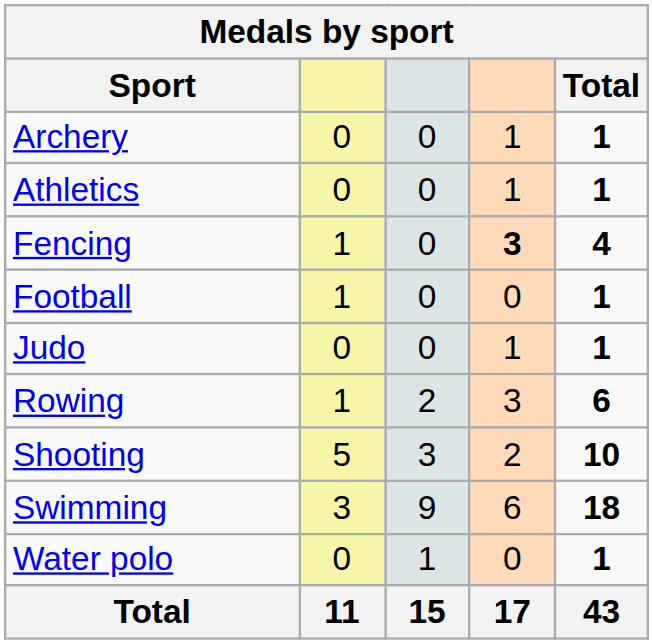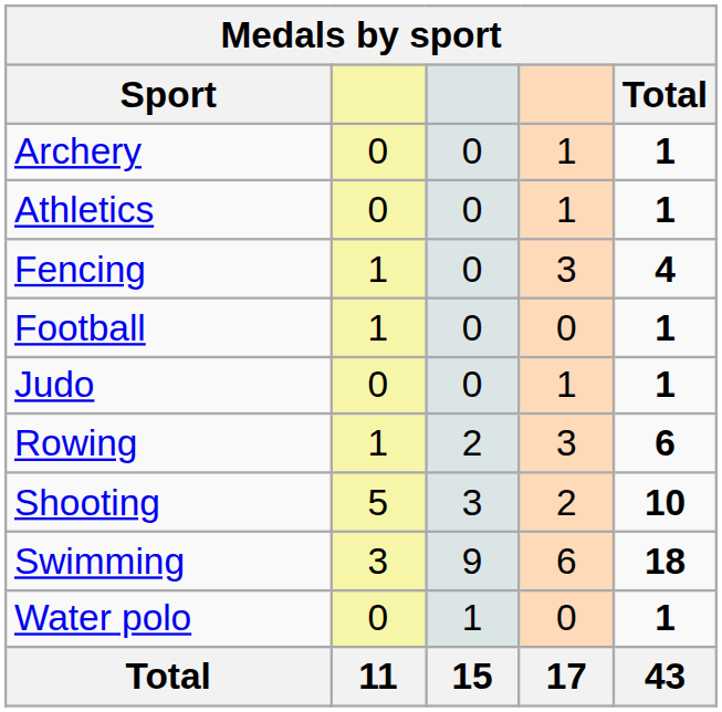 <table class="wikitable" style="font-size:90%; text-align:center;">
 <tr>
 <th colspan=5>Medals by sport</th>
 </tr>
 <tr>
 <th width=120>Sport</th>
 <th scope="col" width=30 style="background:#F7F6A8;"></th>
 <th scope="col" width=30 style="background:#DCE5E5;"></th>
 <th scope="col" width=30 style="background:#FFDAB9;"></th>
 <th width=30>Total</th>
 </tr>
 <tr>
 <td align=left><a href='#'>Archery</a></td>
 <td style="background:#F7F6A8;">0</td>
 <td style="background:#DCE5E5;">0</td>
 <td style="background:#FFDAB9;">1</td>
 <td><strong>1</strong></td>
 </tr>
 <tr>
 <td align=left><a href='#'>Athletics</a></td>
 <td style="background:#F7F6A8;">0</td>
 <td style="background:#DCE5E5;">0</td>
 <td style="background:#FFDAB9;">1</td>
 <td><strong>1</strong></td>
 </tr>
 <tr>
 <td align=left><a href='#'>Fencing</a></td>
 <td style="background:#F7F6A8;">1</td>
 <td style="background:#DCE5E5;">0</td>
-<td style="background:#FFDAB9;"><strong>3</strong></td>
+<td style="background:#FFDAB9;">3</td>
 <td><strong>4</strong></td>
 </tr>
 <tr>
 <td align=left><a href='#'>Football</a></td>
 <td style="background:#F7F6A8;">1</td>
 <td style="background:#DCE5E5;">0</td>
 <td style="background:#FFDAB9;">0</td>
 <td><strong>1</strong></td>
 </tr>
 <tr>
 <td align=left><a href='#'>Judo</a></td>
 <td style="background:#F7F6A8;">0</td>
 <td style="background:#DCE5E5;">0</td>
 <td style="background:#FFDAB9;">1</td>
 <td><strong>1</strong></td>
 </tr>
 <tr>
 <td align=left><a href='#'>Rowing</a></td>
 <td style="background:#F7F6A8;">1</td>
 <td style="background:#DCE5E5;">2</td>
 <td style="background:#FFDAB9;">3</td>
 <td><strong>6</strong></td>
 </tr>
 <tr>
 <td align=left><a href='#'>Shooting</a></td>
 <td style="background:#F7F6A8;">5</td>
 <td style="background:#DCE5E5;">3</td>
 <td style="background:#FFDAB9;">2</td>
 <td><strong>10</strong></td>
 </tr>
 <tr>
 <td align=left><a href='#'>Swimming</a></td>
 <td style="background:#F7F6A8;">3</td>
 <td style="background:#DCE5E5;">9</td>
 <td style="background:#FFDAB9;">6</td>
 <td><strong>18</strong></td>
 </tr>
 <tr>
 <td align=left><a href='#'>Water polo</a></td>
 <td style="background:#F7F6A8;">0</td>
 <td style="background:#DCE5E5;">1</td>
 <td style="background:#FFDAB9;">0</td>
 <td><strong>1</strong></td>
 </tr>
 <tr class="sortbottom">
 <th>Total</th>
 <th>11</th>
 <th>15</th>
 <th>17</th>
 <th>43</th>
 </tr>
 </table>
